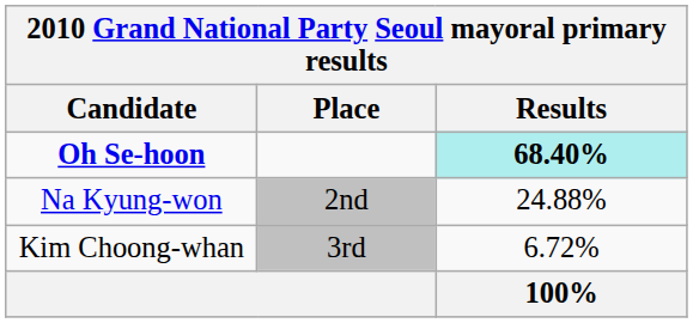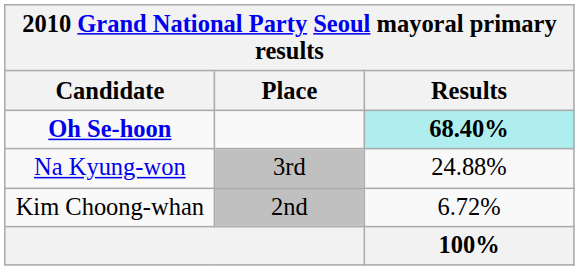 <table class="wikitable" style="text-align:center;">
 <tr>
 <th colspan=4>2010 <a href='#'>Grand National Party</a> <a href='#'>Seoul</a> mayoral primary results</th>
 </tr>
 <tr>
 <th width=130><strong>Candidate</strong></th>
 <th width=90><strong>Place</strong></th>
 <th width=130><strong>Results</strong></th>
 </tr>
 <tr>
 <td><strong><a href='#'>Oh Se-hoon</a></strong></td>
 <td style="background:"><strong></strong></td>
 <td style="background: paleturquoise;"><strong>68.40%</strong></td>
 </tr>
 <tr>
 <td><a href='#'>Na Kyung-won</a></td>
-<td bgcolor=silver>2nd</td>
+<td bgcolor=silver>3rd</td>
 <td>24.88%</td>
 </tr>
 <tr>
 <td>Kim Choong-whan</td>
-<td bgcolor=silver>3rd</td>
+<td bgcolor=silver>2nd</td>
 <td>6.72%</td>
 </tr>
 <tr>
 <th colspan=2></th>
 <th>100%</th>
 </tr>
 </table>
